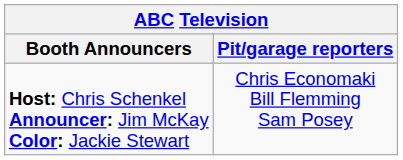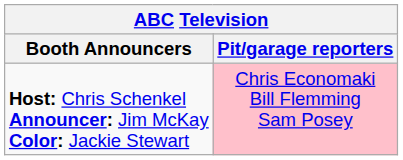 <table class="wikitable" style="font-size: 95%;">
 <tr>
 <th colspan=2><a href='#'>ABC</a> <a href='#'>Television</a></th>
 </tr>
 <tr>
 <th>Booth Announcers</th>
 <th><a href='#'>Pit/garage reporters</a></th>
 </tr>
 <tr>
 <td valign="top"><br><strong>Host:</strong> <a href='#'>Chris Schenkel</a><br> <strong><a href='#'>Announcer</a>:</strong> <a href='#'>Jim McKay</a><br> <strong><a href='#'>Color</a>:</strong> <a href='#'>Jackie Stewart</a><br></td>
-<td align="center" valign="top"><a href='#'>Chris Economaki</a><br><a href='#'>Bill Flemming</a><br><a href='#'>Sam Posey</a></td>
+<td align="center" valign="top" style="background: pink;"><a href='#'>Chris Economaki</a><br><a href='#'>Bill Flemming</a><br><a href='#'>Sam Posey</a></td>
 </tr>
 </table>
